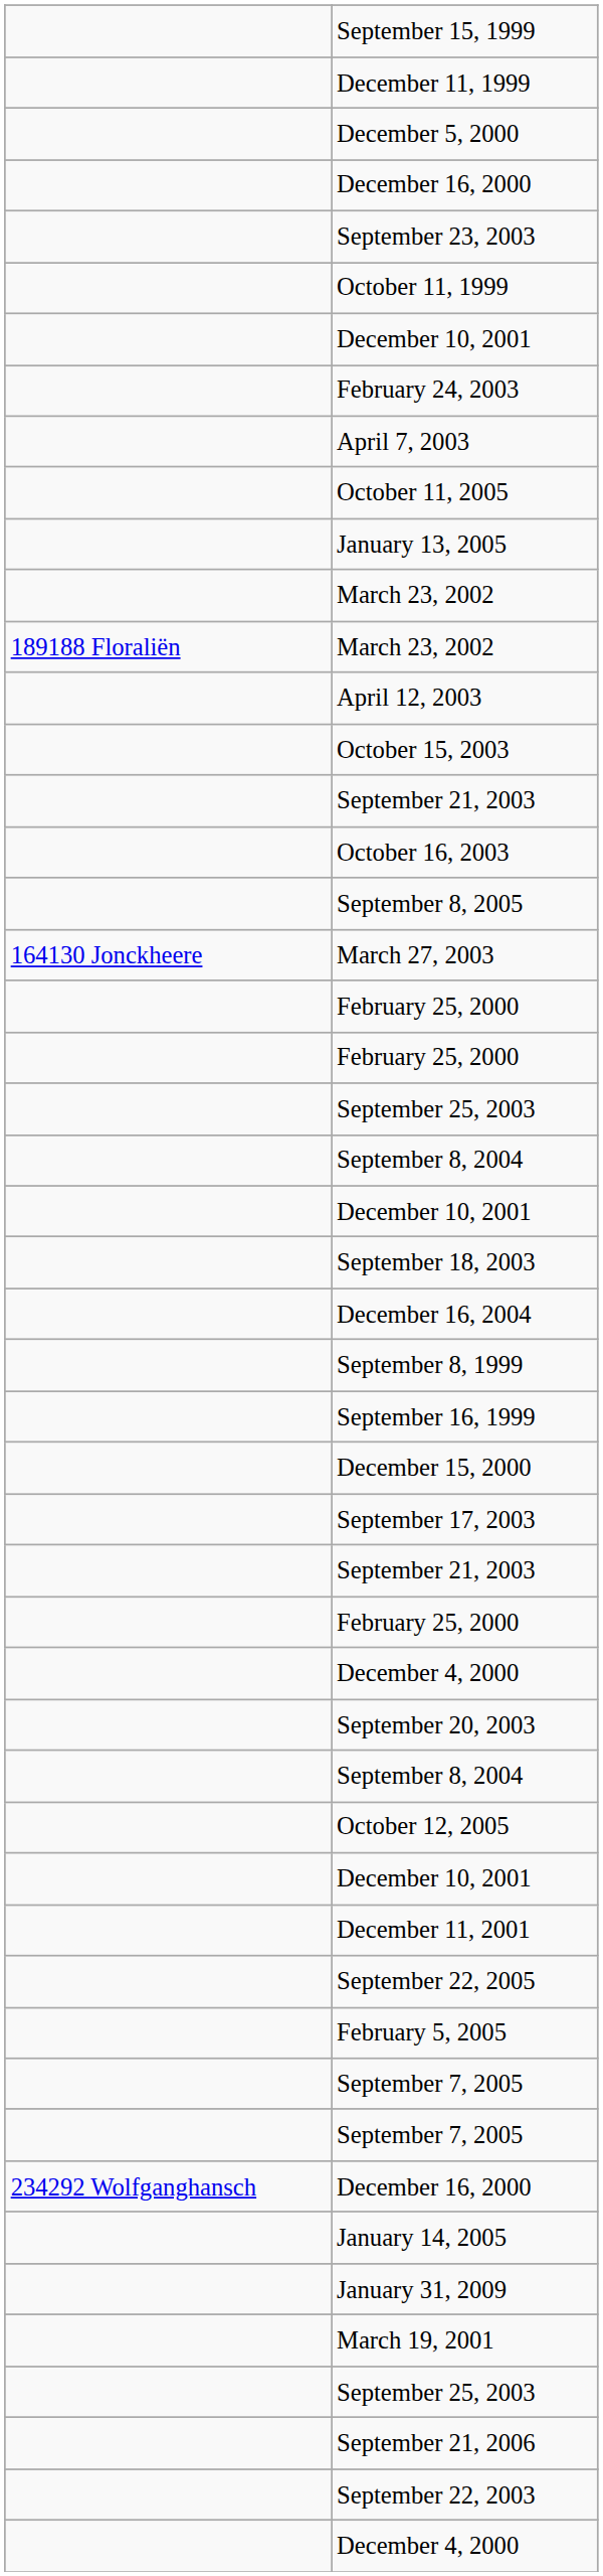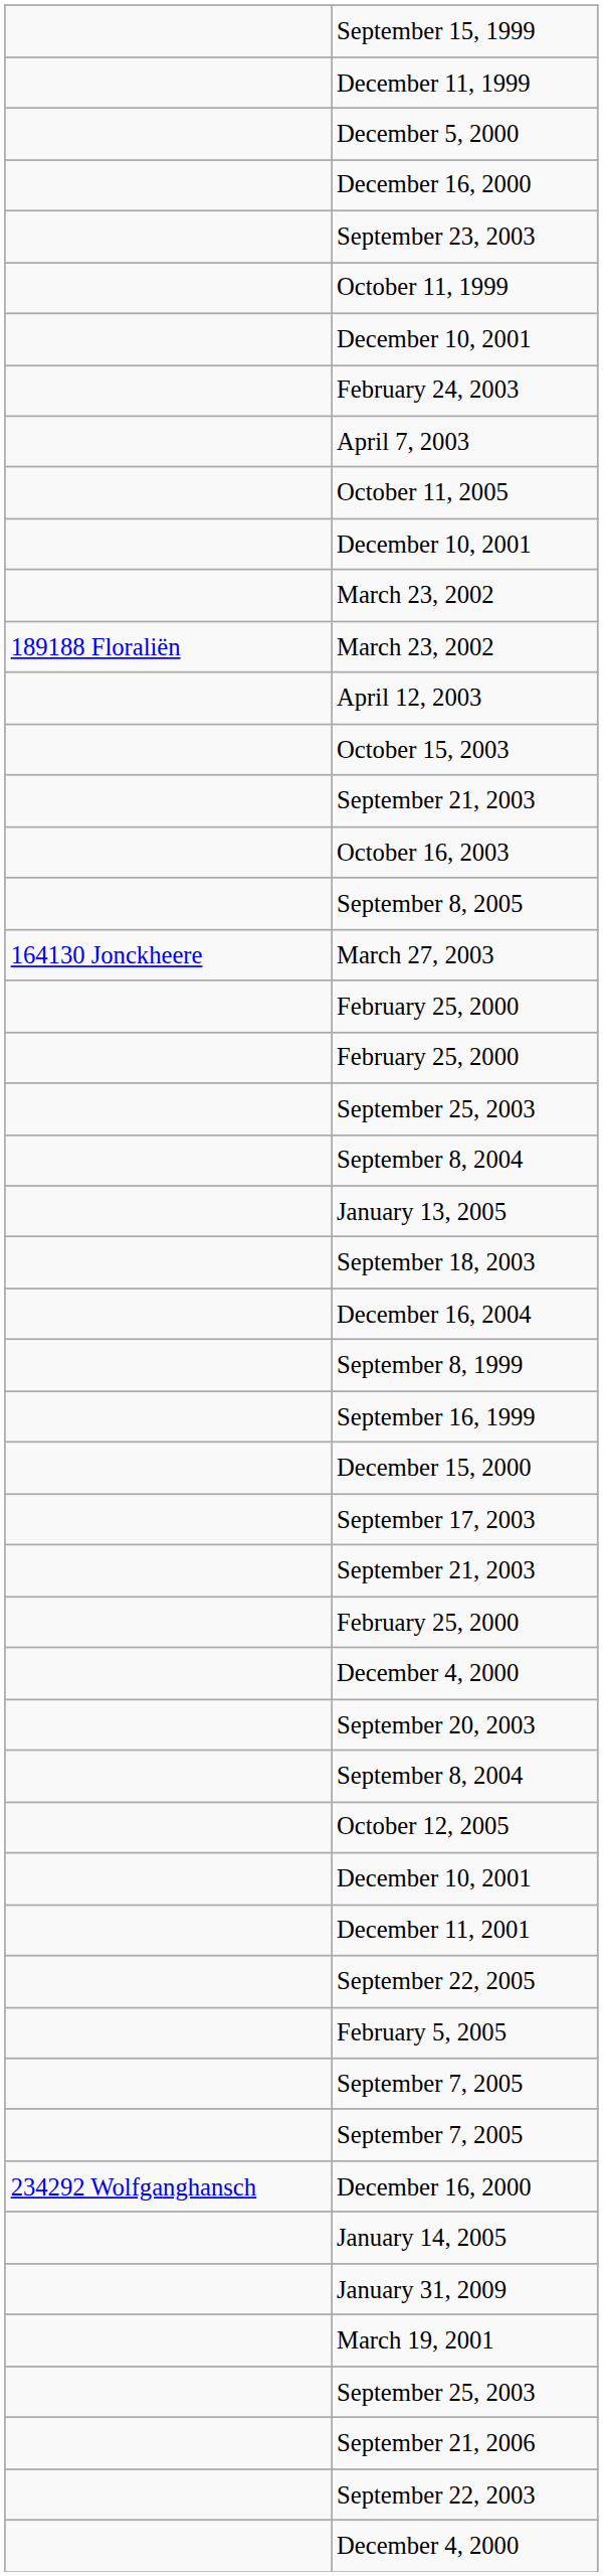 <table class="wikitable" style="font-size: 89%; float: left; width: 24em; margin-right: 1em; line-height: 1.6em !important;">
 <tr>
 <td></td>
 <td>September 15, 1999</td>
 </tr>
 <tr>
 <td></td>
 <td>December 11, 1999</td>
 </tr>
 <tr>
 <td></td>
 <td>December 5, 2000</td>
 </tr>
 <tr>
 <td></td>
 <td>December 16, 2000</td>
 </tr>
 <tr>
 <td></td>
 <td>September 23, 2003</td>
 </tr>
 <tr>
 <td></td>
 <td>October 11, 1999</td>
 </tr>
 <tr>
 <td></td>
 <td>December 10, 2001</td>
 </tr>
 <tr>
 <td></td>
 <td>February 24, 2003</td>
 </tr>
 <tr>
 <td></td>
 <td>April 7, 2003</td>
 </tr>
 <tr>
 <td></td>
 <td>October 11, 2005</td>
 </tr>
 <tr>
 <td></td>
-<td>January 13, 2005</td>
+<td>December 10, 2001</td>
 </tr>
 <tr>
 <td></td>
 <td>March 23, 2002</td>
 </tr>
 <tr>
 <td><a href='#'>189188 Floraliën</a></td>
 <td>March 23, 2002</td>
 </tr>
 <tr>
 <td></td>
 <td>April 12, 2003</td>
 </tr>
 <tr>
 <td></td>
 <td>October 15, 2003</td>
 </tr>
 <tr>
 <td></td>
 <td>September 21, 2003</td>
 </tr>
 <tr>
 <td></td>
 <td>October 16, 2003</td>
 </tr>
 <tr>
 <td></td>
 <td>September 8, 2005</td>
 </tr>
 <tr>
 <td><a href='#'>164130 Jonckheere</a></td>
 <td>March 27, 2003</td>
 </tr>
 <tr>
 <td></td>
 <td>February 25, 2000</td>
 </tr>
 <tr>
 <td></td>
 <td>February 25, 2000</td>
 </tr>
 <tr>
 <td></td>
 <td>September 25, 2003</td>
 </tr>
 <tr>
 <td></td>
 <td>September 8, 2004</td>
 </tr>
 <tr>
 <td></td>
-<td>December 10, 2001</td>
+<td>January 13, 2005</td>
 </tr>
 <tr>
 <td></td>
 <td>September 18, 2003</td>
 </tr>
 <tr>
 <td></td>
 <td>December 16, 2004</td>
 </tr>
 <tr>
 <td></td>
 <td>September 8, 1999</td>
 </tr>
 <tr>
 <td></td>
 <td>September 16, 1999</td>
 </tr>
 <tr>
 <td></td>
 <td>December 15, 2000</td>
 </tr>
 <tr>
 <td></td>
 <td>September 17, 2003</td>
 </tr>
 <tr>
 <td></td>
 <td>September 21, 2003</td>
 </tr>
 <tr>
 <td></td>
 <td>February 25, 2000</td>
 </tr>
 <tr>
 <td></td>
 <td>December 4, 2000</td>
 </tr>
 <tr>
 <td></td>
 <td>September 20, 2003</td>
 </tr>
 <tr>
 <td></td>
 <td>September 8, 2004</td>
 </tr>
 <tr>
 <td></td>
 <td>October 12, 2005</td>
 </tr>
 <tr>
 <td></td>
 <td>December 10, 2001</td>
 </tr>
 <tr>
 <td></td>
 <td>December 11, 2001</td>
 </tr>
 <tr>
 <td></td>
 <td>September 22, 2005</td>
 </tr>
 <tr>
 <td></td>
 <td>February 5, 2005</td>
 </tr>
 <tr>
 <td></td>
 <td>September 7, 2005</td>
 </tr>
 <tr>
 <td></td>
 <td>September 7, 2005</td>
 </tr>
 <tr>
 <td><a href='#'>234292 Wolfganghansch</a></td>
 <td>December 16, 2000</td>
 </tr>
 <tr>
 <td></td>
 <td>January 14, 2005</td>
 </tr>
 <tr>
 <td></td>
 <td>January 31, 2009</td>
 </tr>
 <tr>
 <td></td>
 <td>March 19, 2001</td>
 </tr>
 <tr>
 <td></td>
 <td>September 25, 2003</td>
 </tr>
 <tr>
 <td></td>
 <td>September 21, 2006</td>
 </tr>
 <tr>
 <td></td>
 <td>September 22, 2003</td>
 </tr>
 <tr>
 <td></td>
 <td>December 4, 2000</td>
 </tr>
 </table>
